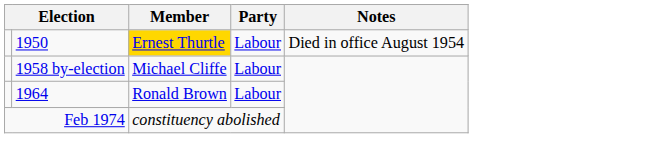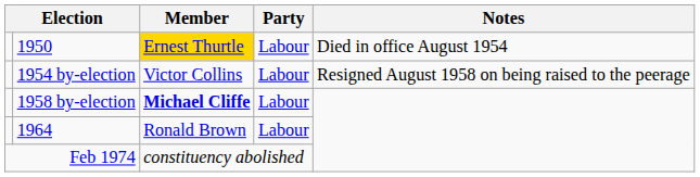 <table class="wikitable">
 <tr>
 <th colspan="2">Election</th>
 <th>Member</th>
 <th>Party</th>
 <th>Notes</th>
 </tr>
 <tr>
 <td style="color:inherit;background-color: "></td>
 <td><a href='#'>1950</a></td>
 <td style="background: gold;"><a href='#'>Ernest Thurtle</a></td>
 <td><a href='#'>Labour</a></td>
 <td>Died in office August 1954</td>
 </tr>
 <tr>
 <td style="color:inherit;background-color: "></td>
+<td><a href='#'>1954 by-election</a></td>
+<td><a href='#'>Victor Collins</a></td>
+<td><a href='#'>Labour</a></td>
+<td>Resigned August 1958 on being raised to the peerage</td>
+</tr>
+<tr>
+<td style="color:inherit;background-color: "></td>
 <td><a href='#'>1958 by-election</a></td>
-<td><a href='#'>Michael Cliffe</a></td>
+<td><strong><a href='#'>Michael Cliffe</a></strong></td>
 <td><a href='#'>Labour</a></td>
 </tr>
 <tr>
 <td style="color:inherit;background-color: "></td>
 <td><a href='#'>1964</a></td>
 <td><a href='#'>Ronald Brown</a></td>
 <td><a href='#'>Labour</a></td>
 </tr>
 <tr>
 <td colspan="2" align="right"><a href='#'>Feb 1974</a></td>
 <td colspan="2"><em>constituency abolished</em></td>
 </tr>
 </table>
